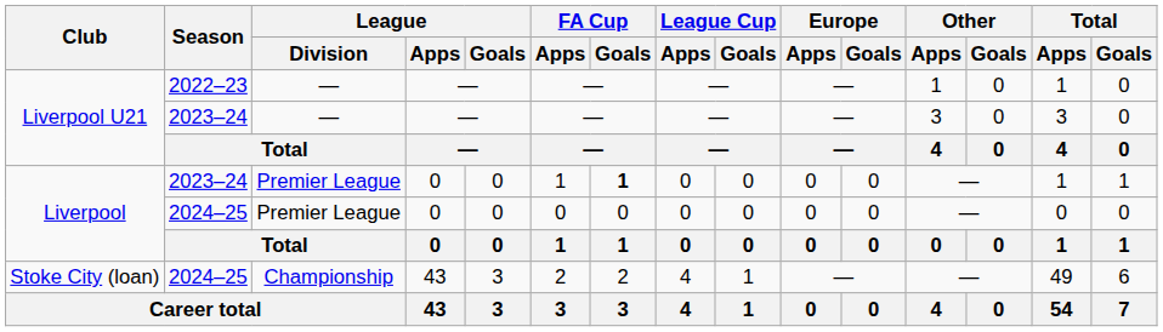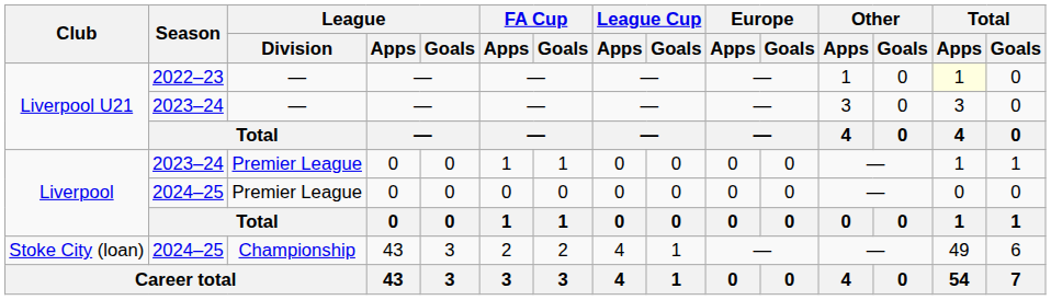 <table class="wikitable" style="text-align: center;">
 <tr>
 <th rowspan="2">Club</th>
 <th rowspan="2">Season</th>
 <th colspan="3">League</th>
 <th colspan="2"><a href='#'>FA Cup</a></th>
 <th colspan="2"><a href='#'>League Cup</a></th>
 <th colspan="2">Europe</th>
 <th colspan="2">Other</th>
 <th colspan="2">Total</th>
 </tr>
 <tr>
 <th>Division</th>
 <th>Apps</th>
 <th>Goals</th>
 <th>Apps</th>
 <th>Goals</th>
 <th>Apps</th>
 <th>Goals</th>
 <th>Apps</th>
 <th>Goals</th>
 <th>Apps</th>
 <th>Goals</th>
 <th>Apps</th>
 <th>Goals</th>
 </tr>
 <tr>
 <td rowspan=3><a href='#'>Liverpool U21</a></td>
 <td><a href='#'>2022–23</a></td>
 <td colspan=1>—</td>
 <td colspan=2>—</td>
 <td colspan=2>—</td>
 <td colspan=2>—</td>
 <td colspan=2>—</td>
 <td>1</td>
 <td>0</td>
-<td>1</td>
+<td style="background: lightyellow;">1</td>
 <td>0</td>
 </tr>
 <tr>
 <td><a href='#'>2023–24</a></td>
 <td colspan=1>—</td>
 <td colspan=2>—</td>
 <td colspan=2>—</td>
 <td colspan=2>—</td>
 <td colspan=2>—</td>
 <td>3</td>
 <td>0</td>
 <td>3</td>
 <td>0</td>
 </tr>
 <tr>
 <th colspan=2>Total</th>
 <th colspan=2>—</th>
 <th colspan=2>—</th>
 <th colspan=2>—</th>
 <th colspan=2>—</th>
 <th>4</th>
 <th>0</th>
 <th>4</th>
 <th>0</th>
 </tr>
 <tr>
 <td rowspan=3><a href='#'>Liverpool</a></td>
 <td><a href='#'>2023–24</a></td>
 <td><a href='#'>Premier League</a></td>
 <td>0</td>
 <td>0</td>
 <td>1</td>
-<td><strong>1</strong></td>
+<td>1</td>
 <td>0</td>
 <td>0</td>
 <td>0</td>
 <td>0</td>
 <td colspan="2">—</td>
 <td>1</td>
 <td>1</td>
 </tr>
 <tr>
 <td><a href='#'>2024–25</a></td>
 <td>Premier League</td>
 <td>0</td>
 <td>0</td>
 <td>0</td>
 <td>0</td>
 <td>0</td>
 <td>0</td>
 <td>0</td>
 <td>0</td>
 <td colspan="2">—</td>
 <td>0</td>
 <td>0</td>
 </tr>
 <tr>
 <th colspan=2>Total</th>
 <th>0</th>
 <th>0</th>
 <th>1</th>
 <th>1</th>
 <th>0</th>
 <th>0</th>
 <th>0</th>
 <th>0</th>
 <th>0</th>
 <th>0</th>
 <th>1</th>
 <th>1</th>
 </tr>
 <tr>
 <td><a href='#'>Stoke City</a> (loan)</td>
 <td><a href='#'>2024–25</a></td>
 <td><a href='#'>Championship</a></td>
 <td>43</td>
 <td>3</td>
 <td>2</td>
 <td>2</td>
 <td>4</td>
 <td>1</td>
 <td colspan="2">—</td>
 <td colspan="2">—</td>
 <td>49</td>
 <td>6</td>
 </tr>
 <tr>
 <th colspan="3">Career total</th>
 <th>43</th>
 <th>3</th>
 <th>3</th>
 <th>3</th>
 <th>4</th>
 <th>1</th>
 <th>0</th>
 <th>0</th>
 <th>4</th>
 <th>0</th>
 <th>54</th>
 <th>7</th>
 </tr>
 </table>
